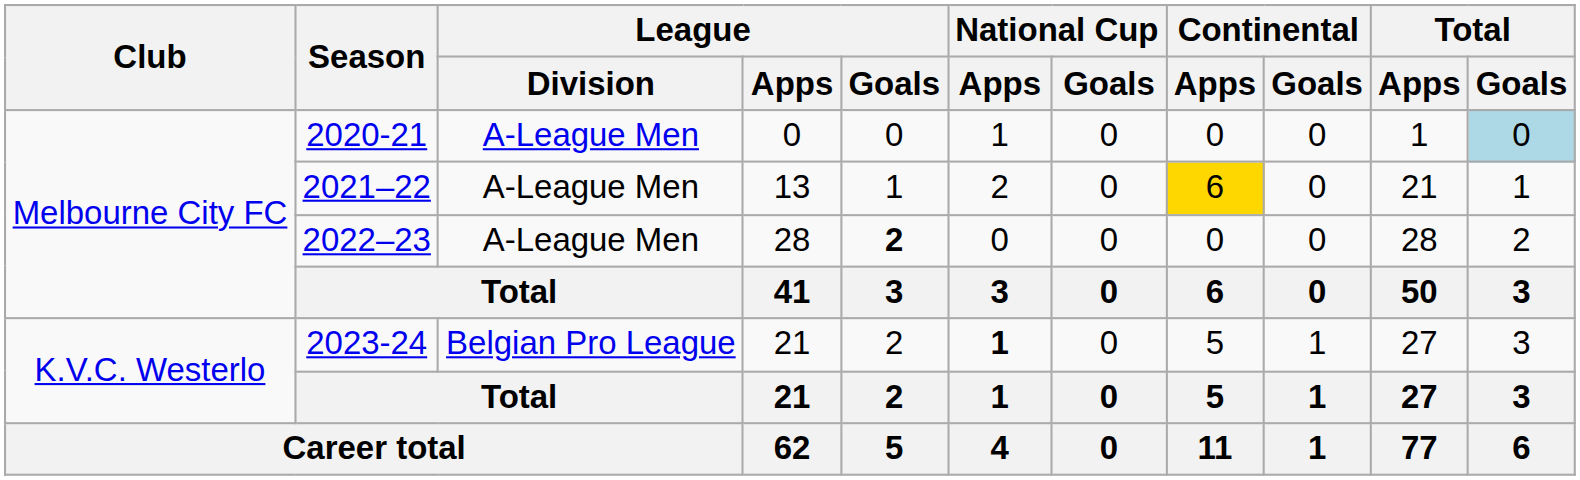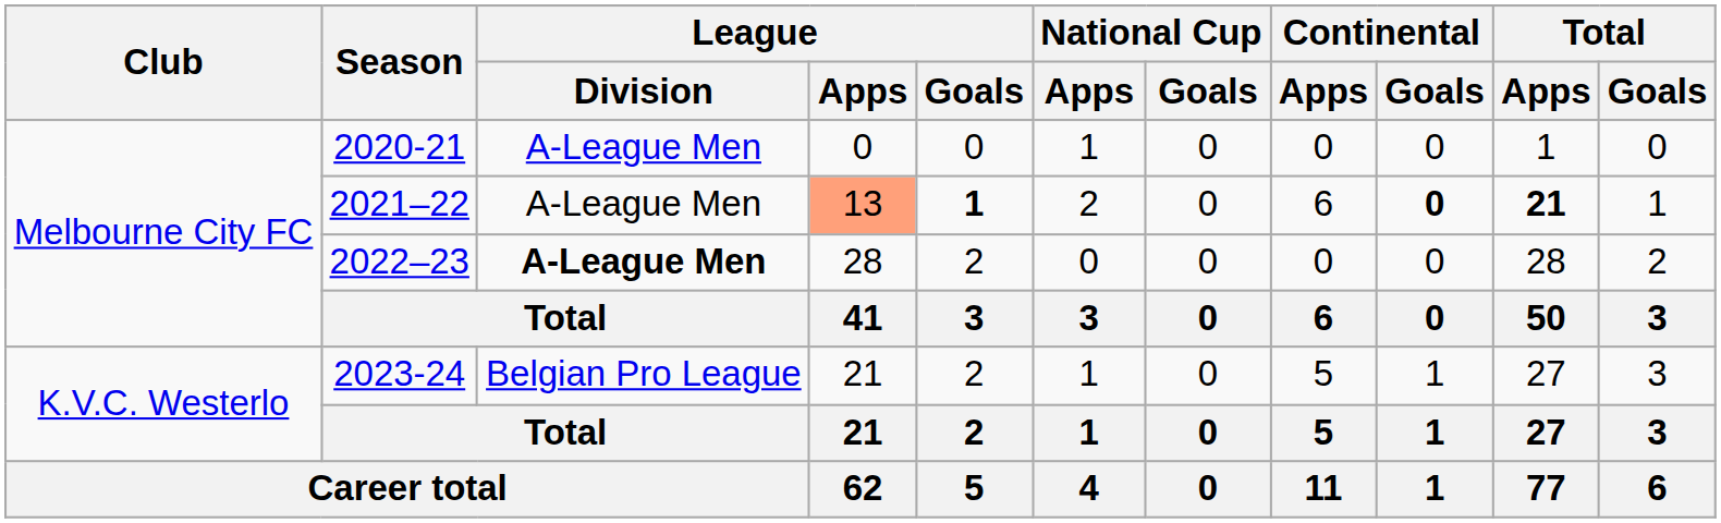 <table class="wikitable" style="text-align:center">
 <tr>
 <th rowspan="2">Club</th>
 <th rowspan="2">Season</th>
 <th colspan="3">League</th>
 <th colspan="2">National Cup</th>
 <th colspan="2">Continental</th>
 <th colspan="2">Total</th>
 </tr>
 <tr>
 <th>Division</th>
 <th>Apps</th>
 <th>Goals</th>
 <th>Apps</th>
 <th>Goals</th>
 <th>Apps</th>
 <th>Goals</th>
 <th>Apps</th>
 <th>Goals</th>
 </tr>
 <tr>
 <td rowspan="4"><a href='#'>Melbourne City FC</a></td>
 <td><a href='#'>2020-21</a></td>
 <td><a href='#'>A-League Men</a></td>
 <td>0</td>
 <td>0</td>
 <td>1</td>
 <td>0</td>
 <td>0</td>
 <td>0</td>
 <td>1</td>
-<td style="background: lightblue;">0</td>
+<td>0</td>
 </tr>
 <tr>
 <td><a href='#'>2021–22</a></td>
 <td>A-League Men</td>
-<td>13</td>
-<td>1</td>
+<td style="background: lightsalmon;">13</td>
+<td><strong>1</strong></td>
 <td>2</td>
 <td>0</td>
-<td style="background: gold;">6</td>
-<td>0</td>
-<td>21</td>
+<td>6</td>
+<td><strong>0</strong></td>
+<td><strong>21</strong></td>
 <td>1</td>
 </tr>
 <tr>
 <td><a href='#'>2022–23</a></td>
-<td>A-League Men</td>
+<td><strong>A-League Men</strong></td>
 <td>28</td>
-<td><strong>2</strong></td>
+<td>2</td>
 <td>0</td>
 <td>0</td>
 <td>0</td>
 <td>0</td>
 <td>28</td>
 <td>2</td>
 </tr>
 <tr>
 <th colspan="2">Total</th>
 <th>41</th>
 <th>3</th>
 <th>3</th>
 <th>0</th>
 <th>6</th>
 <th>0</th>
 <th>50</th>
 <th>3</th>
 </tr>
 <tr>
 <td rowspan="2"><a href='#'>K.V.C. Westerlo</a></td>
 <td><a href='#'>2023-24</a></td>
 <td><a href='#'>Belgian Pro League</a></td>
 <td>21</td>
 <td>2</td>
-<td><strong>1</strong></td>
+<td>1</td>
 <td>0</td>
 <td>5</td>
 <td>1</td>
 <td>27</td>
 <td>3</td>
 </tr>
 <tr>
 <th colspan="2">Total</th>
 <th>21</th>
 <th>2</th>
 <th>1</th>
 <th>0</th>
 <th>5</th>
 <th>1</th>
 <th>27</th>
 <th>3</th>
 </tr>
 <tr>
 <th colspan="3">Career total</th>
 <th>62</th>
 <th>5</th>
 <th>4</th>
 <th>0</th>
 <th>11</th>
 <th>1</th>
 <th>77</th>
 <th>6</th>
 </tr>
 </table>
